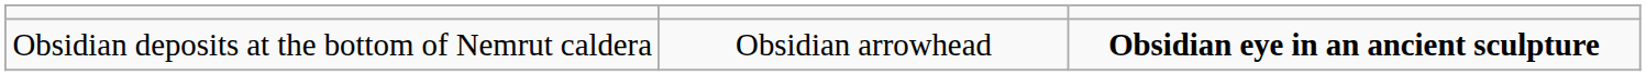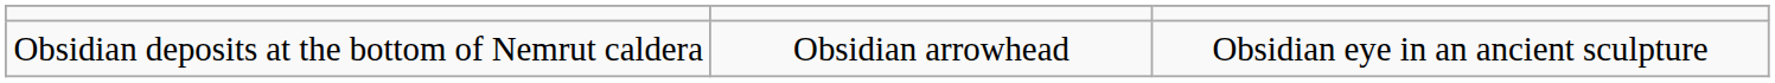 <table class="wikitable" style="text-align:center">
 <tr>
 <td width="40%"></td>
 <td width="25%"></td>
 <td></td>
 </tr>
 <tr>
 <td>Obsidian deposits at the bottom of Nemrut caldera</td>
 <td>Obsidian arrowhead</td>
-<td><strong>Obsidian eye in an ancient sculpture</strong></td>
+<td>Obsidian eye in an ancient sculpture</td>
 </tr>
 </table>
